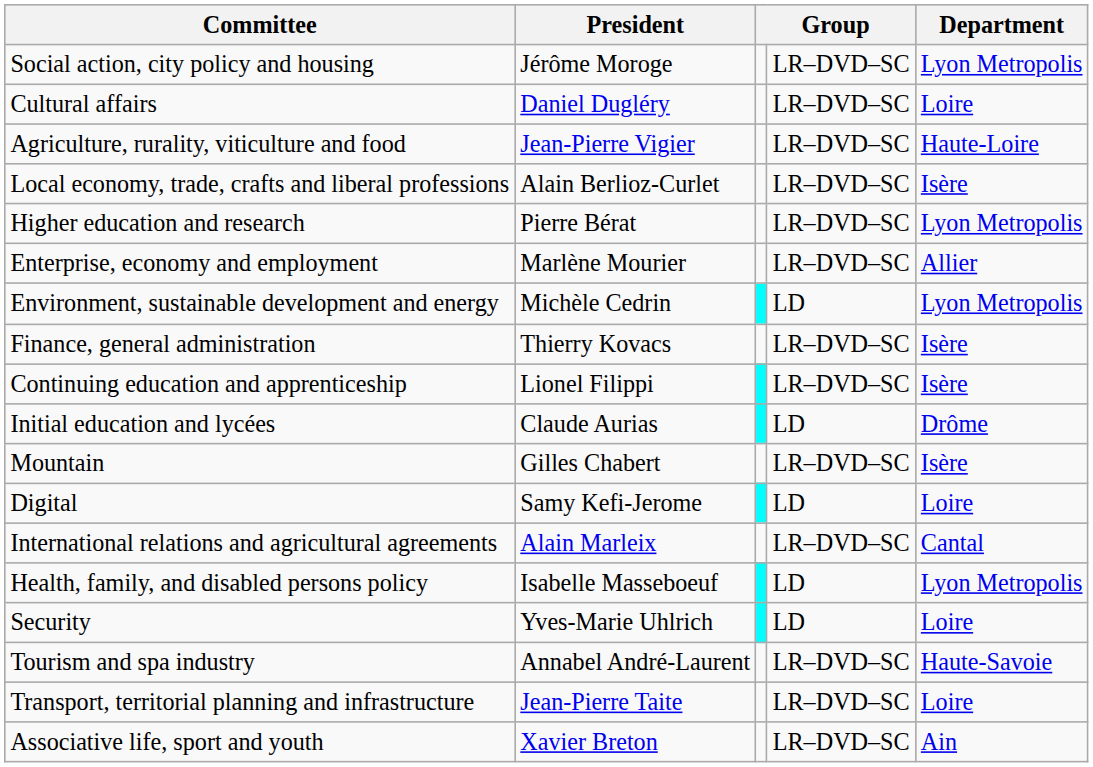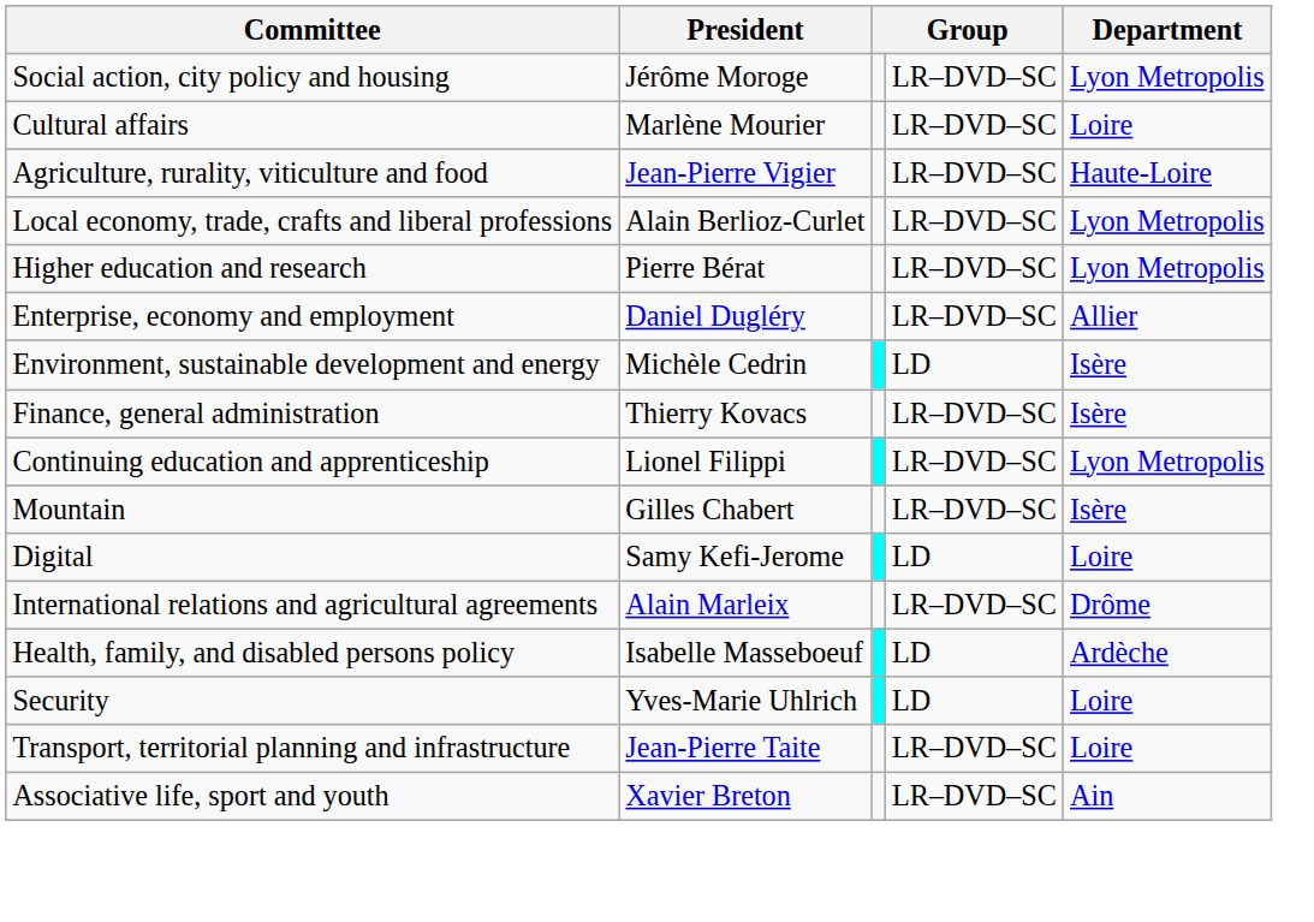 <table class="wikitable" style="font-size:95%;">
 <tr>
 <th>Committee</th>
 <th>President</th>
 <th colspan="2">Group</th>
 <th>Department</th>
 </tr>
 <tr>
 <td>Social action, city policy and housing</td>
 <td>Jérôme Moroge</td>
 <td style="background:"></td>
 <td>LR–DVD–SC</td>
 <td><a href='#'>Lyon Metropolis</a></td>
 </tr>
 <tr>
 <td>Cultural affairs</td>
-<td><a href='#'>Daniel Dugléry</a></td>
+<td>Marlène Mourier</td>
 <td style="background:"></td>
 <td>LR–DVD–SC</td>
 <td><a href='#'>Loire</a></td>
 </tr>
 <tr>
 <td>Agriculture, rurality, viticulture and food</td>
 <td><a href='#'>Jean-Pierre Vigier</a></td>
 <td style="background:"></td>
 <td>LR–DVD–SC</td>
 <td><a href='#'>Haute-Loire</a></td>
 </tr>
 <tr>
 <td>Local economy, trade, crafts and liberal professions</td>
 <td>Alain Berlioz-Curlet</td>
 <td style="background:"></td>
 <td>LR–DVD–SC</td>
-<td><a href='#'>Isère</a></td>
+<td><a href='#'>Lyon Metropolis</a></td>
 </tr>
 <tr>
 <td>Higher education and research</td>
 <td>Pierre Bérat</td>
 <td style="background:"></td>
 <td>LR–DVD–SC</td>
 <td><a href='#'>Lyon Metropolis</a></td>
 </tr>
 <tr>
 <td>Enterprise, economy and employment</td>
-<td>Marlène Mourier</td>
+<td><a href='#'>Daniel Dugléry</a></td>
 <td style="background:"></td>
 <td>LR–DVD–SC</td>
 <td><a href='#'>Allier</a></td>
 </tr>
 <tr>
 <td>Environment, sustainable development and energy</td>
 <td>Michèle Cedrin</td>
 <td style="background:#00FFFF;"></td>
 <td>LD</td>
-<td><a href='#'>Lyon Metropolis</a></td>
+<td><a href='#'>Isère</a></td>
 </tr>
 <tr>
 <td>Finance, general administration</td>
 <td>Thierry Kovacs</td>
 <td style="background:"></td>
 <td>LR–DVD–SC</td>
 <td><a href='#'>Isère</a></td>
 </tr>
 <tr>
 <td>Continuing education and apprenticeship</td>
 <td>Lionel Filippi</td>
 <td style="background:#00FFFF;"></td>
 <td>LR–DVD–SC</td>
-<td><a href='#'>Isère</a></td>
-</tr>
-<tr>
-<td>Initial education and lycées</td>
-<td>Claude Aurias</td>
-<td style="background:#00FFFF;"></td>
-<td>LD</td>
-<td><a href='#'>Drôme</a></td>
+<td><a href='#'>Lyon Metropolis</a></td>
 </tr>
 <tr>
 <td>Mountain</td>
 <td>Gilles Chabert</td>
 <td style="background:"></td>
 <td>LR–DVD–SC</td>
 <td><a href='#'>Isère</a></td>
 </tr>
 <tr>
 <td>Digital</td>
 <td>Samy Kefi-Jerome</td>
 <td style="background:#00FFFF;"></td>
 <td>LD</td>
 <td><a href='#'>Loire</a></td>
 </tr>
 <tr>
 <td>International relations and agricultural agreements</td>
 <td><a href='#'>Alain Marleix</a></td>
 <td style="background:"></td>
 <td>LR–DVD–SC</td>
-<td><a href='#'>Cantal</a></td>
+<td><a href='#'>Drôme</a></td>
 </tr>
 <tr>
 <td>Health, family, and disabled persons policy</td>
 <td>Isabelle Masseboeuf</td>
 <td style="background:#00FFFF;"></td>
 <td>LD</td>
-<td><a href='#'>Lyon Metropolis</a></td>
+<td><a href='#'>Ardèche</a></td>
 </tr>
 <tr>
 <td>Security</td>
 <td>Yves-Marie Uhlrich</td>
 <td style="background:#00FFFF;"></td>
 <td>LD</td>
 <td><a href='#'>Loire</a></td>
-</tr>
-<tr>
-<td>Tourism and spa industry</td>
-<td>Annabel André-Laurent</td>
-<td style="background:"></td>
-<td>LR–DVD–SC</td>
-<td><a href='#'>Haute-Savoie</a></td>
 </tr>
 <tr>
 <td>Transport, territorial planning and infrastructure</td>
 <td><a href='#'>Jean-Pierre Taite</a></td>
 <td style="background:"></td>
 <td>LR–DVD–SC</td>
 <td><a href='#'>Loire</a></td>
 </tr>
 <tr>
 <td>Associative life, sport and youth</td>
 <td><a href='#'>Xavier Breton</a></td>
 <td style="background:"></td>
 <td>LR–DVD–SC</td>
 <td><a href='#'>Ain</a></td>
 </tr>
 </table>
